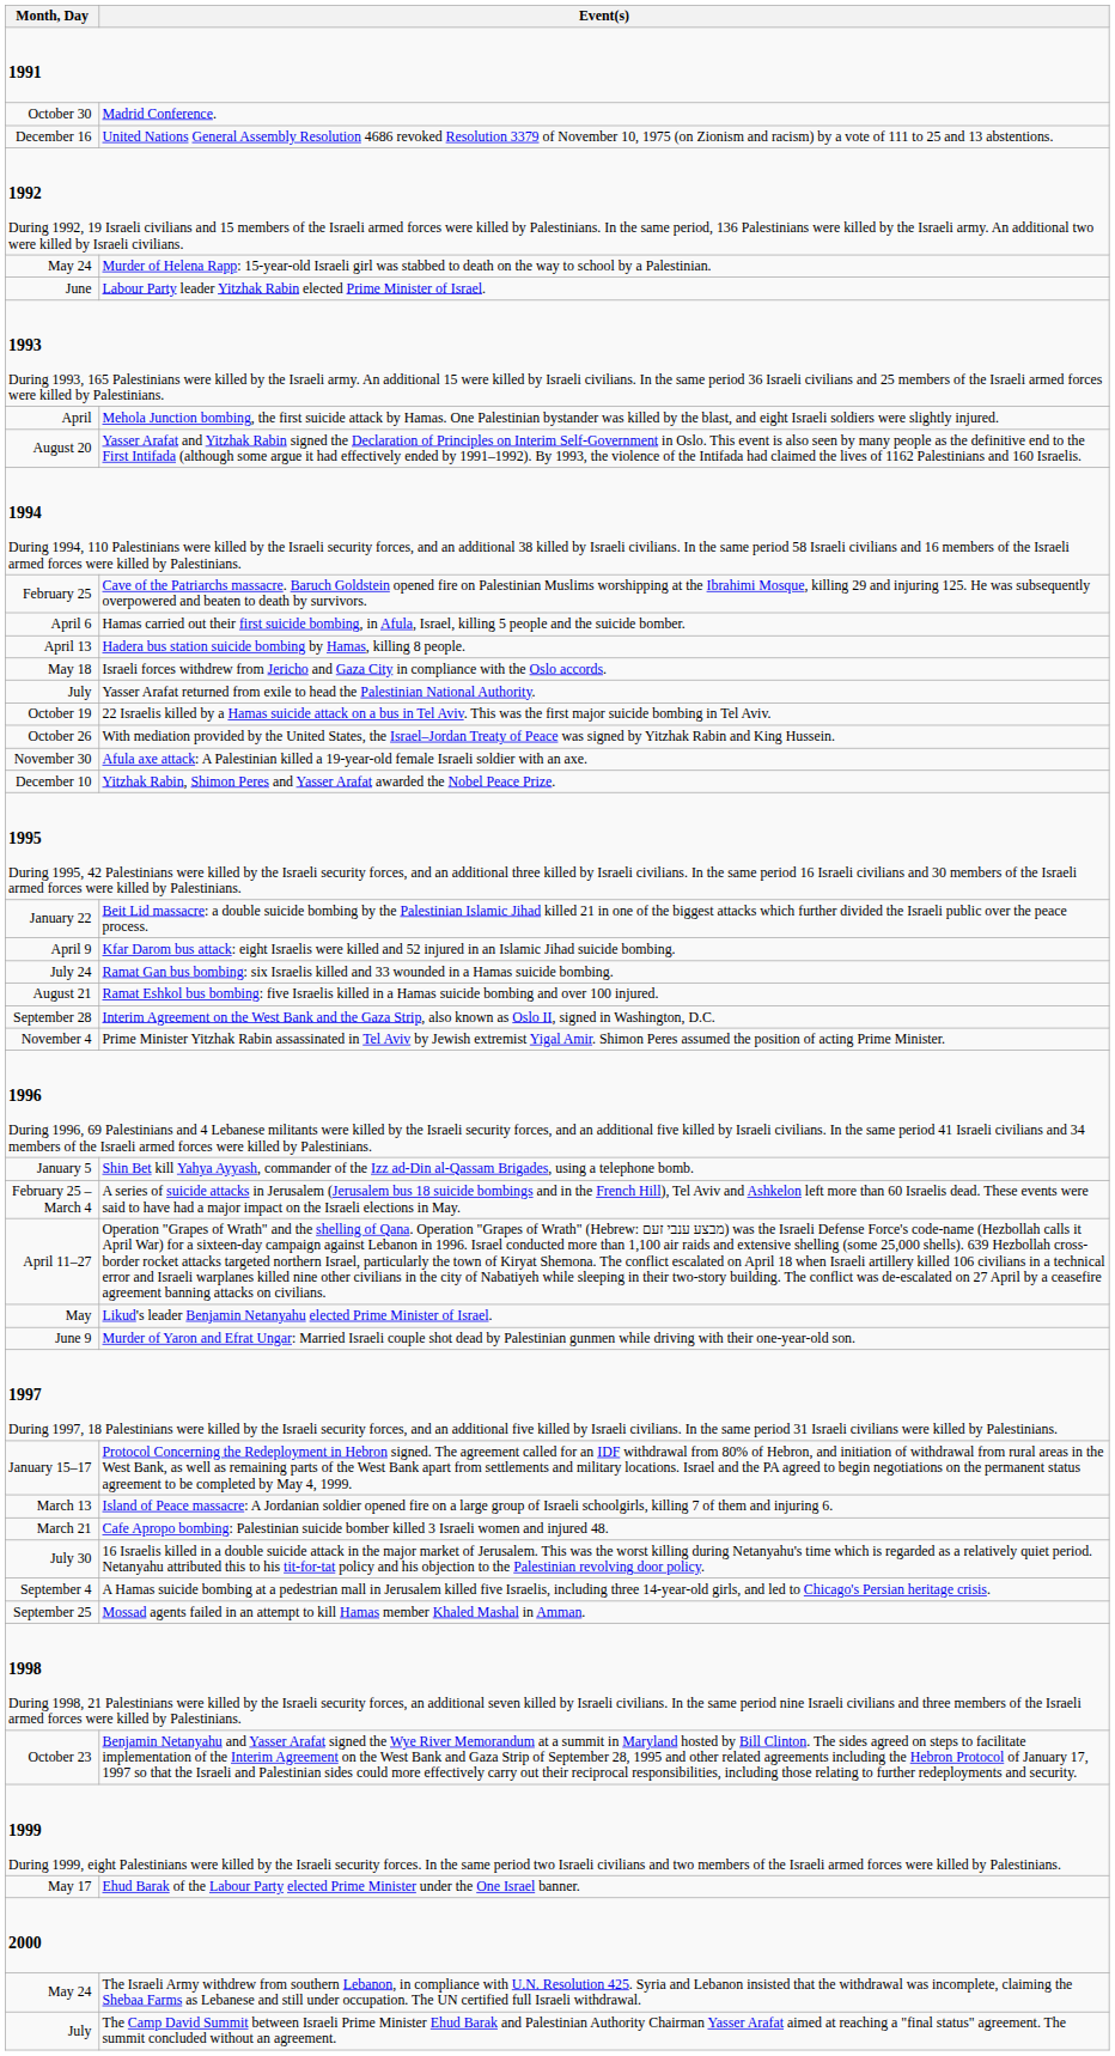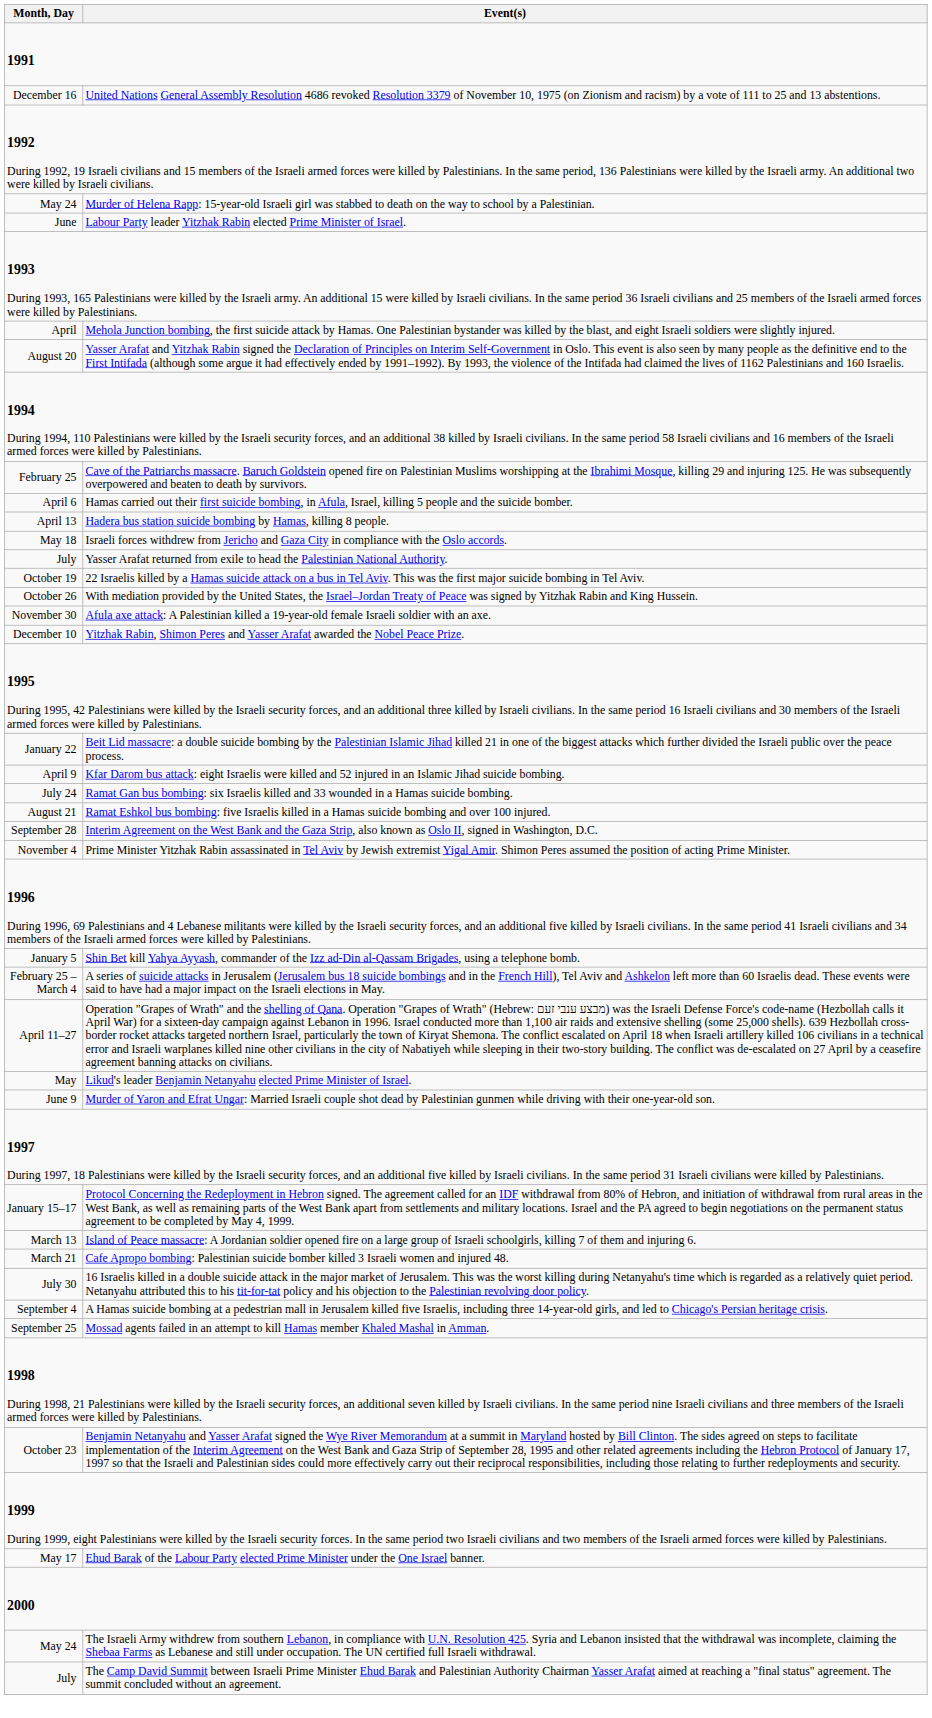 <table class="wikitable">
 <tr>
 <th>Month, Day</th>
 <th>Event(s)</th>
 </tr>
 <tr>
 <td colspan="2"><br><h3>1991</h3></td>
-</tr>
-<tr>
-<td style="white-space:nowrap;text-align:right;padding-right:0.5em;">October 30</td>
-<td><a href='#'>Madrid Conference</a>.</td>
 </tr>
 <tr>
 <td style="white-space:nowrap;text-align:right;padding-right:0.5em;">December 16</td>
 <td><a href='#'>United Nations</a> <a href='#'>General Assembly Resolution</a> 4686 revoked <a href='#'>Resolution 3379</a> of November 10, 1975 (on Zionism and racism) by a vote of 111 to 25 and 13 abstentions.</td>
 </tr>
 <tr>
 <td colspan="2"><br><h3>1992</h3>During 1992, 19 Israeli civilians and 15 members of the Israeli armed forces were killed by Palestinians. In the same period, 136 Palestinians were killed by the Israeli army. An additional two were killed by Israeli civilians.</td>
 </tr>
 <tr>
 <td style="white-space:nowrap;text-align:right;padding-right:0.5em;">May 24</td>
 <td><a href='#'>Murder of Helena Rapp</a>: 15-year-old Israeli girl was stabbed to death on the way to school by a Palestinian.</td>
 </tr>
 <tr>
 <td style="white-space:nowrap;text-align:right;padding-right:0.5em;">June</td>
 <td><a href='#'>Labour Party</a> leader <a href='#'>Yitzhak Rabin</a> elected <a href='#'>Prime Minister of Israel</a>.</td>
 </tr>
 <tr>
 <td colspan="2"><br><h3>1993</h3>During 1993, 165 Palestinians were killed by the Israeli army. An additional 15 were killed by Israeli civilians. In the same period 36 Israeli civilians and 25 members of the Israeli armed forces were killed by Palestinians.</td>
 </tr>
 <tr>
 <td style="white-space:nowrap;text-align:right;padding-right:0.5em;">April</td>
 <td><a href='#'>Mehola Junction bombing</a>, the first suicide attack by Hamas. One Palestinian bystander was killed by the blast, and eight Israeli soldiers were slightly injured.</td>
 </tr>
 <tr>
 <td style="white-space:nowrap;text-align:right;padding-right:0.5em;">August 20</td>
 <td><a href='#'>Yasser Arafat</a> and <a href='#'>Yitzhak Rabin</a> signed the <a href='#'>Declaration of Principles on Interim Self-Government</a> in Oslo. This event is also seen by many people as the definitive end to the <a href='#'>First Intifada</a> (although some argue it had effectively ended by 1991–1992). By 1993, the violence of the Intifada had claimed the lives of 1162 Palestinians and 160 Israelis.</td>
 </tr>
 <tr>
 <td colspan="2"><br><h3>1994</h3>During 1994, 110 Palestinians were killed by the Israeli security forces, and an additional 38 killed by Israeli civilians. In the same period 58 Israeli civilians and 16 members of the Israeli armed forces were killed by Palestinians.</td>
 </tr>
 <tr>
 <td style="white-space:nowrap;text-align:right;padding-right:0.5em;">February 25</td>
 <td><a href='#'>Cave of the Patriarchs massacre</a>. <a href='#'>Baruch Goldstein</a> opened fire on Palestinian Muslims worshipping at the <a href='#'>Ibrahimi Mosque</a>, killing 29 and injuring 125. He was subsequently overpowered and beaten to death by survivors.</td>
 </tr>
 <tr>
 <td style="white-space:nowrap;text-align:right;padding-right:0.5em;">April 6</td>
 <td>Hamas carried out their <a href='#'>first suicide bombing</a>, in <a href='#'>Afula</a>, Israel, killing 5 people and the suicide bomber.</td>
 </tr>
 <tr>
 <td style="white-space:nowrap;text-align:right;padding-right:0.5em;">April 13</td>
 <td><a href='#'>Hadera bus station suicide bombing</a> by <a href='#'>Hamas</a>, killing 8 people.</td>
 </tr>
 <tr>
 <td style="white-space:nowrap;text-align:right;padding-right:0.5em;">May 18</td>
 <td>Israeli forces withdrew from <a href='#'>Jericho</a> and <a href='#'>Gaza City</a> in compliance with the <a href='#'>Oslo accords</a>.</td>
 </tr>
 <tr>
 <td style="white-space:nowrap;text-align:right;padding-right:0.5em;">July</td>
 <td>Yasser Arafat returned from exile to head the <a href='#'>Palestinian National Authority</a>.</td>
 </tr>
 <tr>
 <td style="white-space:nowrap;text-align:right;padding-right:0.5em;">October 19</td>
 <td>22 Israelis killed by a <a href='#'>Hamas suicide attack on a bus in Tel Aviv</a>. This was the first major suicide bombing in Tel Aviv.</td>
 </tr>
 <tr>
 <td style="white-space:nowrap;text-align:right;padding-right:0.5em;">October 26</td>
 <td>With mediation provided by the United States, the <a href='#'>Israel–Jordan Treaty of Peace</a> was signed by Yitzhak Rabin and King Hussein.</td>
 </tr>
 <tr>
 <td style="white-space:nowrap;text-align:right;padding-right:0.5em;">November 30</td>
 <td><a href='#'>Afula axe attack</a>: A Palestinian killed a 19-year-old female Israeli soldier with an axe.</td>
 </tr>
 <tr>
 <td style="white-space:nowrap;text-align:right;padding-right:0.5em;">December 10</td>
 <td><a href='#'>Yitzhak Rabin</a>, <a href='#'>Shimon Peres</a> and <a href='#'>Yasser Arafat</a> awarded the <a href='#'>Nobel Peace Prize</a>.</td>
 </tr>
 <tr>
 <td colspan="2"><br><h3>1995</h3>During 1995, 42 Palestinians were killed by the Israeli security forces, and an additional three killed by Israeli civilians. In the same period 16 Israeli civilians and 30 members of the Israeli armed forces were killed by Palestinians.</td>
 </tr>
 <tr>
 <td style="white-space:nowrap;text-align:right;padding-right:0.5em;">January 22</td>
 <td><a href='#'>Beit Lid massacre</a>: a double suicide bombing by the <a href='#'>Palestinian Islamic Jihad</a> killed 21 in one of the biggest attacks which further divided the Israeli public over the peace process.</td>
 </tr>
 <tr>
 <td style="white-space:nowrap;text-align:right;padding-right:0.5em;">April 9</td>
 <td><a href='#'>Kfar Darom bus attack</a>: eight Israelis were killed and 52 injured in an Islamic Jihad suicide bombing.</td>
 </tr>
 <tr>
 <td style="white-space:nowrap;text-align:right;padding-right:0.5em;">July 24</td>
 <td><a href='#'>Ramat Gan bus bombing</a>: six Israelis killed and 33 wounded in a Hamas suicide bombing.</td>
 </tr>
 <tr>
 <td style="white-space:nowrap;text-align:right;padding-right:0.5em;">August 21</td>
 <td><a href='#'>Ramat Eshkol bus bombing</a>: five Israelis killed in a Hamas suicide bombing and over 100 injured.</td>
 </tr>
 <tr>
 <td style="white-space:nowrap;text-align:right;padding-right:0.5em;">September 28</td>
 <td><a href='#'>Interim Agreement on the West Bank and the Gaza Strip</a>, also known as <a href='#'>Oslo II</a>, signed in Washington, D.C.</td>
 </tr>
 <tr>
 <td style="white-space:nowrap;text-align:right;padding-right:0.5em;">November 4</td>
 <td>Prime Minister Yitzhak Rabin assassinated in <a href='#'>Tel Aviv</a> by Jewish extremist <a href='#'>Yigal Amir</a>. Shimon Peres assumed the position of acting Prime Minister.</td>
 </tr>
 <tr>
 <td colspan="2"><br><h3>1996</h3>During 1996, 69 Palestinians and 4 Lebanese militants were killed by the Israeli security forces, and an additional five killed by Israeli civilians. In the same period 41 Israeli civilians and 34 members of the Israeli armed forces were killed by Palestinians.</td>
 </tr>
 <tr>
 <td style="white-space:nowrap;text-align:right;padding-right:0.5em;">January 5</td>
 <td><a href='#'>Shin Bet</a> kill <a href='#'>Yahya Ayyash</a>, commander of the <a href='#'>Izz ad-Din al-Qassam Brigades</a>, using a telephone bomb.</td>
 </tr>
 <tr>
 <td style="white-space:nowrap;text-align:right;padding-right:0.5em;">February 25 –<br>March 4</td>
 <td>A series of <a href='#'>suicide attacks</a> in Jerusalem (<a href='#'>Jerusalem bus 18 suicide bombings</a> and in the <a href='#'>French Hill</a>), Tel Aviv and <a href='#'>Ashkelon</a> left more than 60 Israelis dead. These events were said to have had a major impact on the Israeli elections in May.</td>
 </tr>
 <tr>
 <td style="white-space:nowrap;text-align:right;padding-right:0.5em;">April 11–27</td>
 <td>Operation "Grapes of Wrath" and the <a href='#'>shelling of Qana</a>. Operation "Grapes of Wrath" (Hebrew: מבצע ענבי זעם) was the Israeli Defense Force's code-name (Hezbollah calls it April War) for a sixteen-day campaign against Lebanon in 1996. Israel conducted more than 1,100 air raids and extensive shelling (some 25,000 shells). 639 Hezbollah cross-border rocket attacks targeted northern Israel, particularly the town of Kiryat Shemona. The conflict escalated on April 18 when Israeli artillery killed 106 civilians in a technical error and Israeli warplanes killed nine other civilians in the city of Nabatiyeh while sleeping in their two-story building. The conflict was de-escalated on 27 April by a ceasefire agreement banning attacks on civilians.</td>
 </tr>
 <tr>
 <td style="white-space:nowrap;text-align:right;padding-right:0.5em;">May</td>
 <td><a href='#'>Likud</a>'s leader <a href='#'>Benjamin Netanyahu</a> <a href='#'>elected Prime Minister of Israel</a>.</td>
 </tr>
 <tr>
 <td style="white-space:nowrap;text-align:right;padding-right:0.5em;">June 9</td>
 <td><a href='#'>Murder of Yaron and Efrat Ungar</a>: Married Israeli couple shot dead by Palestinian gunmen while driving with their one-year-old son.</td>
 </tr>
 <tr>
 <td colspan="2"><br><h3>1997</h3>During 1997, 18 Palestinians were killed by the Israeli security forces, and an additional five killed by Israeli civilians. In the same period 31 Israeli civilians were killed by Palestinians.</td>
 </tr>
 <tr>
 <td style="white-space:nowrap;text-align:right;padding-right:0.5em;">January 15–17</td>
 <td><a href='#'>Protocol Concerning the Redeployment in Hebron</a> signed. The agreement called for an <a href='#'>IDF</a> withdrawal from 80% of Hebron, and initiation of withdrawal from rural areas in the West Bank, as well as remaining parts of the West Bank apart from settlements and military locations. Israel and the PA agreed to begin negotiations on the permanent status agreement to be completed by May 4, 1999.</td>
 </tr>
 <tr>
 <td style="white-space:nowrap;text-align:right;padding-right:0.5em;">March 13</td>
 <td><a href='#'>Island of Peace massacre</a>: A Jordanian soldier opened fire on a large group of Israeli schoolgirls, killing 7 of them and injuring 6.</td>
 </tr>
 <tr>
 <td style="white-space:nowrap;text-align:right;padding-right:0.5em;">March 21</td>
 <td><a href='#'>Cafe Apropo bombing</a>: Palestinian suicide bomber killed 3 Israeli women and injured 48.</td>
 </tr>
 <tr>
 <td style="white-space:nowrap;text-align:right;padding-right:0.5em;">July 30</td>
 <td>16 Israelis killed in a double suicide attack in the major market of Jerusalem. This was the worst killing during Netanyahu's time which is regarded as a relatively quiet period. Netanyahu attributed this to his <a href='#'>tit-for-tat</a> policy and his objection to the <a href='#'>Palestinian revolving door policy</a>.</td>
 </tr>
 <tr>
 <td style="white-space:nowrap;text-align:right;padding-right:0.5em;">September 4</td>
 <td>A Hamas suicide bombing at a pedestrian mall in Jerusalem killed five Israelis, including three 14-year-old girls, and led to <a href='#'>Chicago's Persian heritage crisis</a>.</td>
 </tr>
 <tr>
 <td style="white-space:nowrap;text-align:right;padding-right:0.5em;">September 25</td>
 <td><a href='#'>Mossad</a> agents failed in an attempt to kill <a href='#'>Hamas</a> member <a href='#'>Khaled Mashal</a> in <a href='#'>Amman</a>.</td>
 </tr>
 <tr>
 <td colspan="2"><br><h3>1998</h3>During 1998, 21 Palestinians were killed by the Israeli security forces, an additional seven killed by Israeli civilians. In the same period nine Israeli civilians and three members of the Israeli armed forces were killed by Palestinians.</td>
 </tr>
 <tr>
 <td style="white-space:nowrap;text-align:right;padding-right:0.5em;">October 23</td>
 <td><a href='#'>Benjamin Netanyahu</a> and <a href='#'>Yasser Arafat</a> signed the <a href='#'>Wye River Memorandum</a> at a summit in <a href='#'>Maryland</a> hosted by <a href='#'>Bill Clinton</a>. The sides agreed on steps to facilitate implementation of the <a href='#'>Interim Agreement</a> on the West Bank and Gaza Strip of September 28, 1995 and other related agreements including the <a href='#'>Hebron Protocol</a> of January 17, 1997 so that the Israeli and Palestinian sides could more effectively carry out their reciprocal responsibilities, including those relating to further redeployments and security.</td>
 </tr>
 <tr>
 <td colspan="2"><br><h3>1999</h3>During 1999, eight Palestinians were killed by the Israeli security forces. In the same period two Israeli civilians and two members of the Israeli armed forces were killed by Palestinians.</td>
 </tr>
 <tr>
 <td style="white-space:nowrap;text-align:right;padding-right:0.5em;">May 17</td>
 <td><a href='#'>Ehud Barak</a> of the <a href='#'>Labour Party</a> <a href='#'>elected Prime Minister</a> under the <a href='#'>One Israel</a> banner.</td>
 </tr>
 <tr>
 <td colspan="2"><br><h3>2000</h3></td>
 </tr>
 <tr>
 <td style="white-space:nowrap;text-align:right;padding-right:0.5em;">May 24</td>
 <td>The Israeli Army withdrew from southern <a href='#'>Lebanon</a>, in compliance with <a href='#'>U.N. Resolution 425</a>. Syria and Lebanon insisted that the withdrawal was incomplete, claiming the <a href='#'>Shebaa Farms</a> as Lebanese and still under occupation. The UN certified full Israeli withdrawal.</td>
 </tr>
 <tr>
 <td style="white-space:nowrap;text-align:right;padding-right:0.5em;">July</td>
 <td>The <a href='#'>Camp David Summit</a> between Israeli Prime Minister <a href='#'>Ehud Barak</a> and Palestinian Authority Chairman <a href='#'>Yasser Arafat</a> aimed at reaching a "final status" agreement. The summit concluded without an agreement.</td>
 </tr>
 </table>
